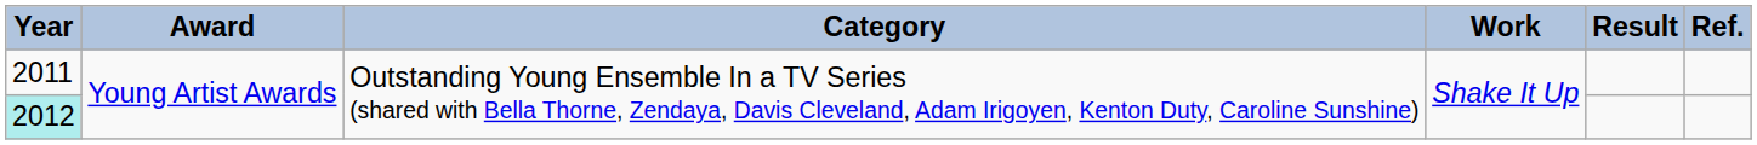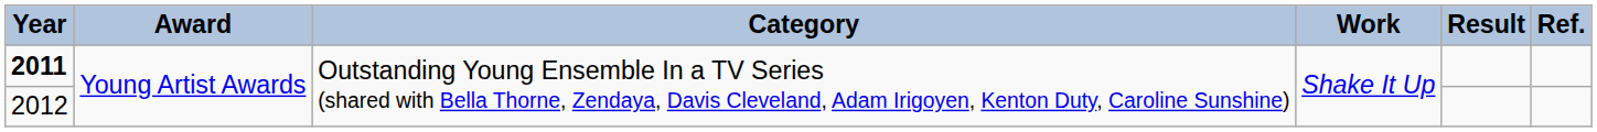 <table class="wikitable">
 <tr>
 <th style="background:#b0c4de;">Year</th>
 <th style="background:#b0c4de;">Award</th>
 <th style="background:#b0c4de;">Category</th>
 <th style="background:#b0c4de;">Work</th>
 <th style="background:#b0c4de;">Result</th>
 <th style="background:#b0c4de;">Ref.</th>
 </tr>
 <tr>
-<td>2011</td>
+<td><strong>2011</strong></td>
 <td rowspan=2><a href='#'>Young Artist Awards</a></td>
 <td rowspan=2>Outstanding Young Ensemble In a TV Series<br><small>(shared with <a href='#'>Bella Thorne</a>, <a href='#'>Zendaya</a>, <a href='#'>Davis Cleveland</a>, <a href='#'>Adam Irigoyen</a>, <a href='#'>Kenton Duty</a>, <a href='#'>Caroline Sunshine</a>)</small></td>
 <td rowspan=2><em><a href='#'>Shake It Up</a></em></td>
 <td></td>
 <td></td>
 </tr>
 <tr>
-<td style="background: paleturquoise;">2012</td>
+<td>2012</td>
 <td></td>
 <td></td>
 </tr>
 </table>
